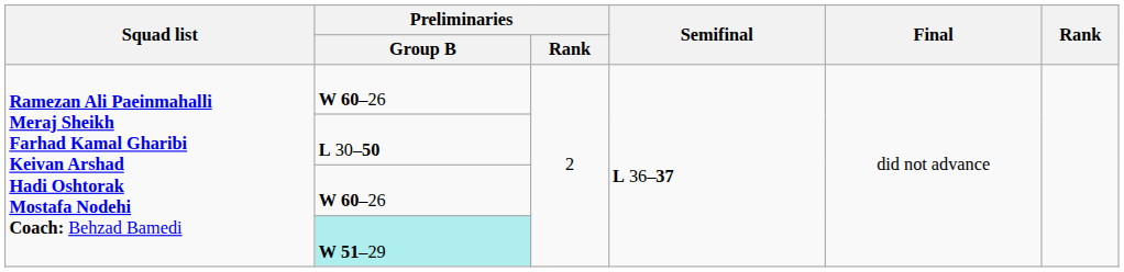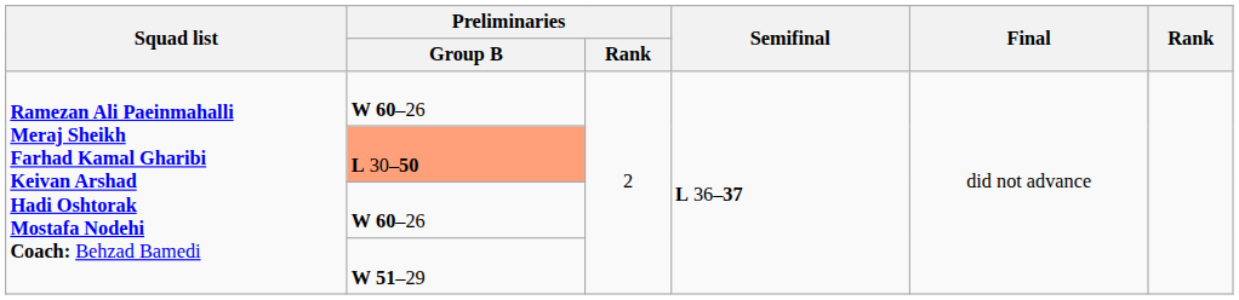 <table class="wikitable" width="71%" style="text-align:left; font-size:90%">
 <tr>
 <th rowspan="2" width="20%">Squad list</th>
 <th colspan="2">Preliminaries</th>
 <th rowspan="2" width="14%">Semifinal</th>
 <th rowspan="2" width="14%">Final</th>
 <th rowspan="2" width="5%">Rank</th>
 </tr>
 <tr>
 <th width="14%">Group B</th>
 <th width="5%">Rank</th>
 </tr>
 <tr>
 <td rowspan="4"><strong><a href='#'>Ramezan Ali Paeinmahalli</a><br><a href='#'>Meraj Sheikh</a><br><a href='#'>Farhad Kamal Gharibi</a><br><a href='#'>Keivan Arshad</a><br><a href='#'>Hadi Oshtorak</a><br><a href='#'>Mostafa Nodehi</a><br>Coach:</strong> <a href='#'>Behzad Bamedi</a></td>
 <td><br><strong>W</strong> <strong>60</strong>–26</td>
 <td rowspan="4" align=center>2 <strong></strong></td>
 <td rowspan="4"><br><strong>L</strong> 36–<strong>37</strong></td>
 <td rowspan="4" align="center">did not advance</td>
 <td rowspan="4" align="center"></td>
 </tr>
 <tr>
-<td><br><strong>L</strong> 30–<strong>50</strong></td>
+<td style="background: lightsalmon;"><br><strong>L</strong> 30–<strong>50</strong></td>
 </tr>
 <tr>
 <td><br><strong>W</strong> <strong>60</strong>–26</td>
 </tr>
 <tr>
-<td style="background: paleturquoise;"><br><strong>W</strong> <strong>51</strong>–29</td>
+<td><br><strong>W</strong> <strong>51</strong>–29</td>
 </tr>
 </table>
